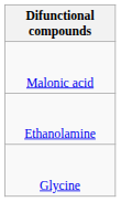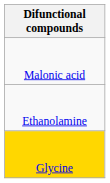 <table class="wikitable floatright" id="cxmwHg" style="text-align:center; font-size:90%" width="20%">
 <tr>
 <th>Difunctional compounds</th>
 </tr>
 <tr>
 <td><br><br><a href='#'>Malonic acid</a></td>
 </tr>
 <tr>
 <td><br><br><a href='#'>Ethanolamine</a></td>
 </tr>
 <tr>
-<td><br><br><a href='#'>Glycine</a></td>
+<td style="background: gold;"><br><br><a href='#'>Glycine</a></td>
 </tr>
 </table>
